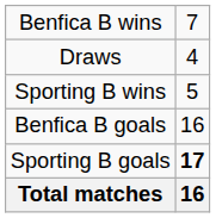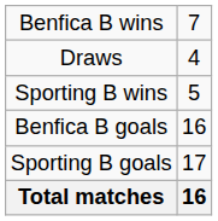 <table class="wikitable" style="text-align:center">
 <tr>
 <td>Benfica B wins</td>
 <td>7</td>
 </tr>
 <tr>
 <td>Draws</td>
 <td>4</td>
 </tr>
 <tr>
 <td>Sporting B wins</td>
 <td>5</td>
 </tr>
 <tr>
 <td>Benfica B goals</td>
 <td>16</td>
 </tr>
 <tr>
 <td>Sporting B goals</td>
-<td><strong>17</strong></td>
+<td>17</td>
 </tr>
 <tr>
 <th>Total matches</th>
 <th>16</th>
 </tr>
 </table>
